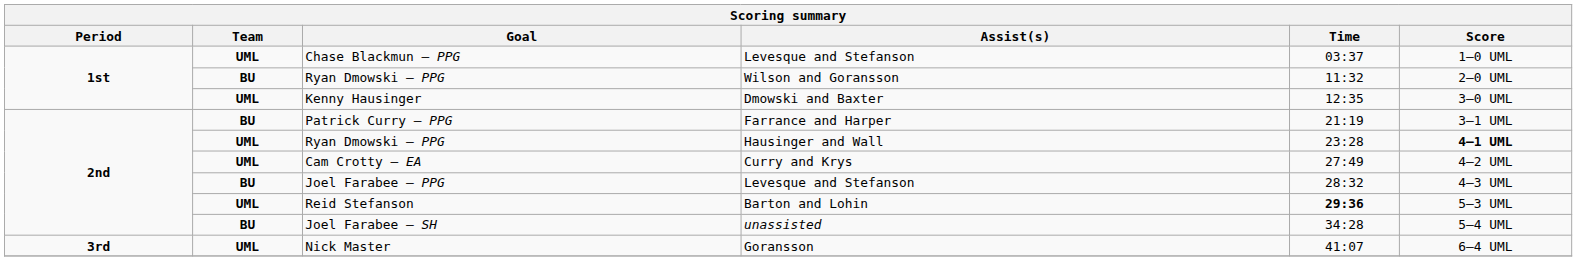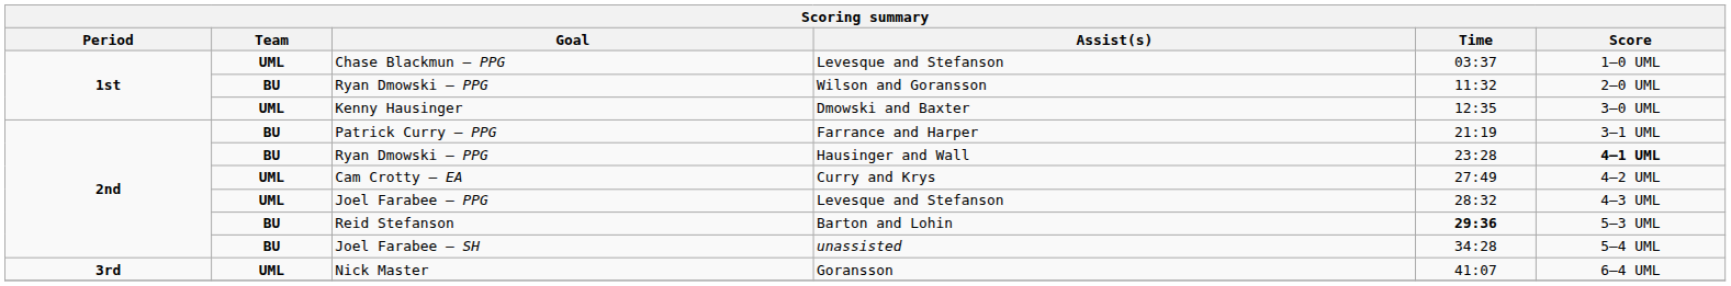 <table style="width:100%;" class="wikitable">
 <tr>
 <th colspan=6>Scoring summary</th>
 </tr>
 <tr>
 <th style="width:12%;">Period</th>
 <th style="width:7%;">Team</th>
 <th style="width:28%;">Goal</th>
 <th style="width:35%;">Assist(s)</th>
 <th style="width:7%;">Time</th>
 <th style="width:11%;">Score</th>
 </tr>
 <tr>
 <td style="text-align:center;" rowspan="3"><strong>1st</strong></td>
 <td align=center><strong>UML</strong></td>
 <td>Chase Blackmun – <em>PPG</em></td>
 <td>Levesque and Stefanson</td>
 <td align=center>03:37</td>
 <td align=center>1–0 UML</td>
 </tr>
 <tr>
 <td align=center><strong>BU</strong></td>
 <td>Ryan Dmowski – <em>PPG</em></td>
 <td>Wilson and Goransson</td>
 <td align=center>11:32</td>
 <td align=center>2–0 UML</td>
 </tr>
 <tr>
 <td align=center><strong>UML</strong></td>
 <td>Kenny Hausinger</td>
 <td>Dmowski and Baxter</td>
 <td align=center>12:35</td>
 <td align=center>3–0 UML</td>
 </tr>
 <tr>
 <td style="text-align:center;" rowspan="6"><strong>2nd</strong></td>
 <td align=center><strong>BU</strong></td>
 <td>Patrick Curry – <em>PPG</em></td>
 <td>Farrance and Harper</td>
 <td align=center>21:19</td>
 <td align=center>3–1 UML</td>
 </tr>
 <tr>
-<td align=center><strong>UML</strong></td>
+<td align=center><strong>BU</strong></td>
 <td>Ryan Dmowski – <em>PPG</em></td>
 <td>Hausinger and Wall</td>
 <td align=center>23:28</td>
 <td align=center><strong>4–1 UML</strong></td>
 </tr>
 <tr>
 <td align=center><strong>UML</strong></td>
 <td>Cam Crotty – <em>EA</em></td>
 <td>Curry and Krys</td>
 <td align=center>27:49</td>
 <td align=center>4–2 UML</td>
 </tr>
 <tr>
-<td align=center><strong>BU</strong></td>
+<td align=center><strong>UML</strong></td>
 <td>Joel Farabee – <em>PPG</em></td>
 <td>Levesque and Stefanson</td>
 <td align=center>28:32</td>
 <td align=center>4–3 UML</td>
 </tr>
 <tr>
-<td align=center><strong>UML</strong></td>
+<td align=center><strong>BU</strong></td>
 <td>Reid Stefanson</td>
 <td>Barton and Lohin</td>
 <td align=center><strong>29:36</strong></td>
 <td align=center>5–3 UML</td>
 </tr>
 <tr>
 <td align=center><strong>BU</strong></td>
 <td>Joel Farabee – <em>SH</em></td>
 <td><em>unassisted</em></td>
 <td align=center>34:28</td>
 <td align=center>5–4 UML</td>
 </tr>
 <tr>
 <td style="text-align:center;" rowspan="1"><strong>3rd</strong></td>
 <td align=center><strong>UML</strong></td>
 <td>Nick Master</td>
 <td>Goransson</td>
 <td align=center>41:07</td>
 <td align=center>6–4 UML</td>
 </tr>
 <tr>
 </tr>
 </table>
